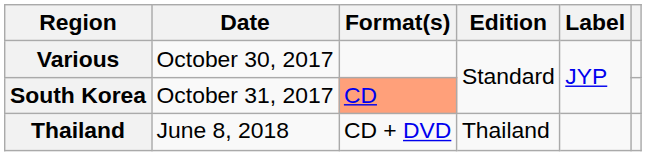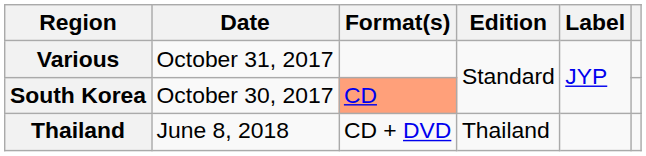 <table class="wikitable plainrowheaders">
 <tr>
 <th>Region</th>
 <th>Date</th>
 <th>Format(s)</th>
 <th>Edition</th>
 <th>Label</th>
 <th></th>
 </tr>
 <tr>
 <th scope="row">Various</th>
-<td>October 30, 2017</td>
+<td>October 31, 2017</td>
 <td></td>
 <td rowspan="2">Standard</td>
 <td rowspan="2"><a href='#'>JYP</a></td>
 <td style="text-align:center;"></td>
 </tr>
 <tr>
 <th scope="row">South Korea</th>
-<td>October 31, 2017</td>
+<td>October 30, 2017</td>
 <td style="background: lightsalmon;"><a href='#'>CD</a></td>
 <td style="text-align:center;"></td>
 </tr>
 <tr>
 <th scope="row">Thailand</th>
 <td>June 8, 2018</td>
 <td>CD + <a href='#'>DVD</a></td>
 <td>Thailand</td>
 <td></td>
 <td style="text-align:center;"></td>
 </tr>
 </table>
